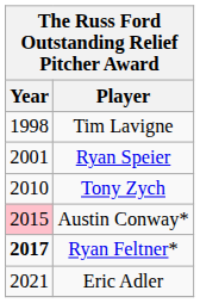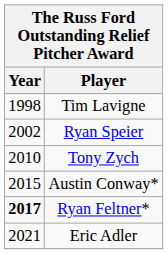 <table class="wikitable" style="display: inline-table; margin-right: 20px; text-align:center">
 <tr>
 <th scope="col" colspan="2" style="width: 145px;">The Russ Ford Outstanding Relief Pitcher Award</th>
 </tr>
 <tr>
 <th scope="col">Year</th>
 <th scope="col">Player</th>
 </tr>
 <tr>
 <td>1998</td>
 <td>Tim Lavigne</td>
 </tr>
 <tr>
-<td>2001</td>
+<td>2002</td>
 <td><a href='#'>Ryan Speier</a></td>
 </tr>
 <tr>
 <td>2010</td>
 <td><a href='#'>Tony Zych</a></td>
 </tr>
 <tr>
-<td style="background: pink;">2015</td>
+<td>2015</td>
 <td>Austin Conway*</td>
 </tr>
 <tr>
 <td><strong>2017</strong></td>
 <td><a href='#'>Ryan Feltner</a>*</td>
 </tr>
 <tr>
 <td>2021</td>
 <td>Eric Adler</td>
 </tr>
 <tr>
 </tr>
 </table>
